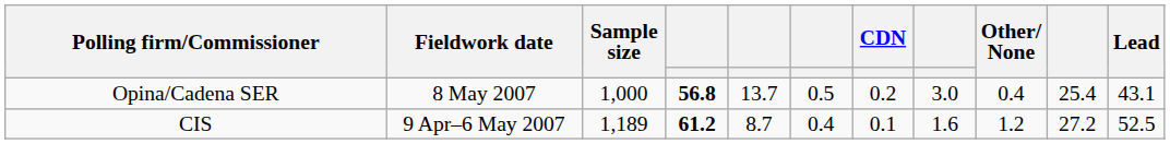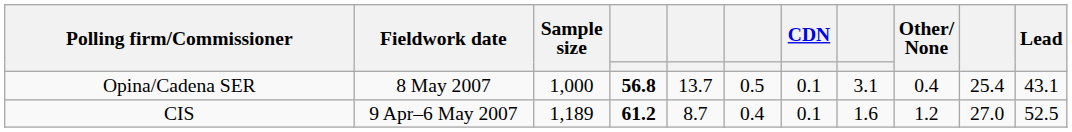 <table class="wikitable collapsible collapsed" style="text-align:center; font-size:90%; line-height:14px;">
 <tr style="height:42px;">
 <th style="width:250px;" rowspan="2">Polling firm/Commissioner</th>
 <th style="width:125px;" rowspan="2">Fieldwork date</th>
 <th style="width:50px;" rowspan="2">Sample size</th>
 <th style="width:35px;"></th>
 <th style="width:35px;"></th>
 <th style="width:35px;"></th>
 <th style="width:35px;"><a href='#'>CDN</a></th>
 <th style="width:35px;"></th>
 <th style="width:35px;" rowspan="2">Other/<br>None</th>
 <th style="width:35px;" rowspan="2"></th>
 <th style="width:30px;" rowspan="2">Lead</th>
 </tr>
 <tr>
 <th style="color:inherit;background:"></th>
 <th style="color:inherit;background:"></th>
 <th style="color:inherit;background:"></th>
 <th style="color:inherit;background:"></th>
 <th style="color:inherit;background:"></th>
 </tr>
 <tr>
 <td>Opina/Cadena SER</td>
 <td>8 May 2007</td>
 <td>1,000</td>
 <td><strong>56.8</strong></td>
 <td>13.7</td>
 <td>0.5</td>
-<td>0.2</td>
-<td>3.0</td>
+<td>0.1</td>
+<td>3.1</td>
 <td>0.4</td>
 <td>25.4</td>
 <td style="background:">43.1</td>
 </tr>
 <tr>
 <td>CIS</td>
 <td>9 Apr–6 May 2007</td>
 <td>1,189</td>
 <td><strong>61.2</strong></td>
 <td>8.7</td>
 <td>0.4</td>
 <td>0.1</td>
 <td>1.6</td>
 <td>1.2</td>
-<td>27.2</td>
+<td>27.0</td>
 <td style="background:">52.5</td>
 </tr>
 </table>
